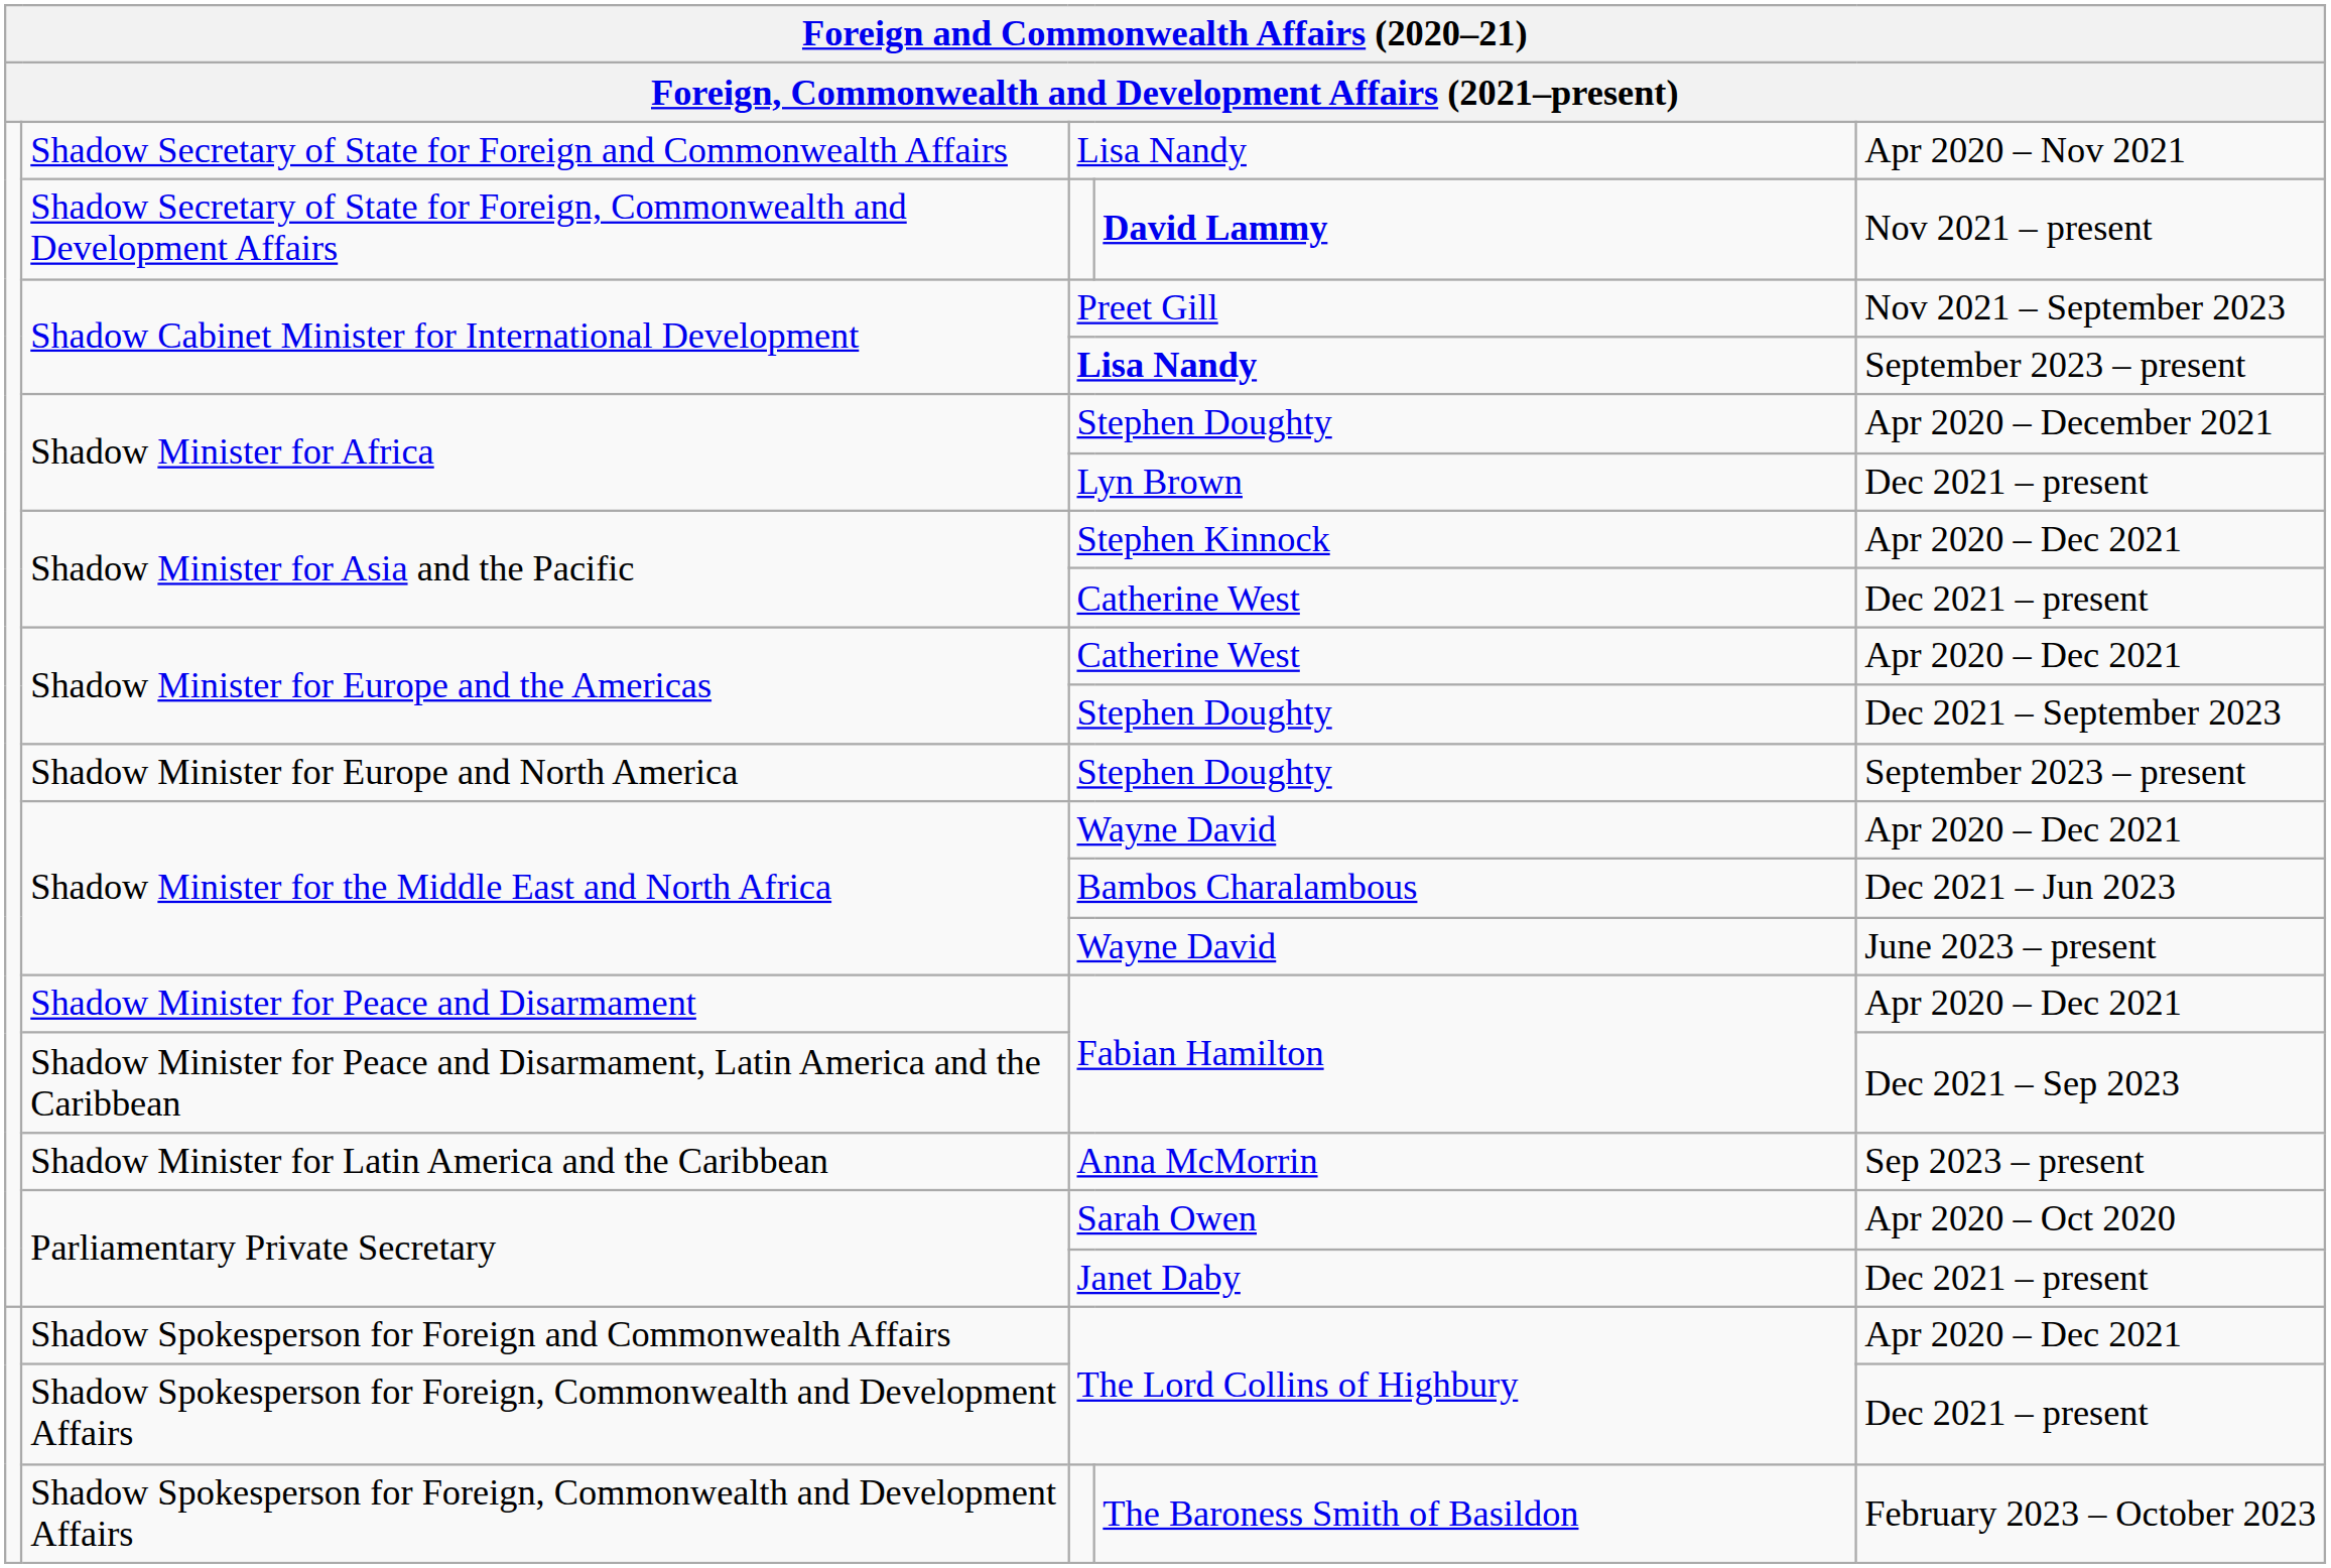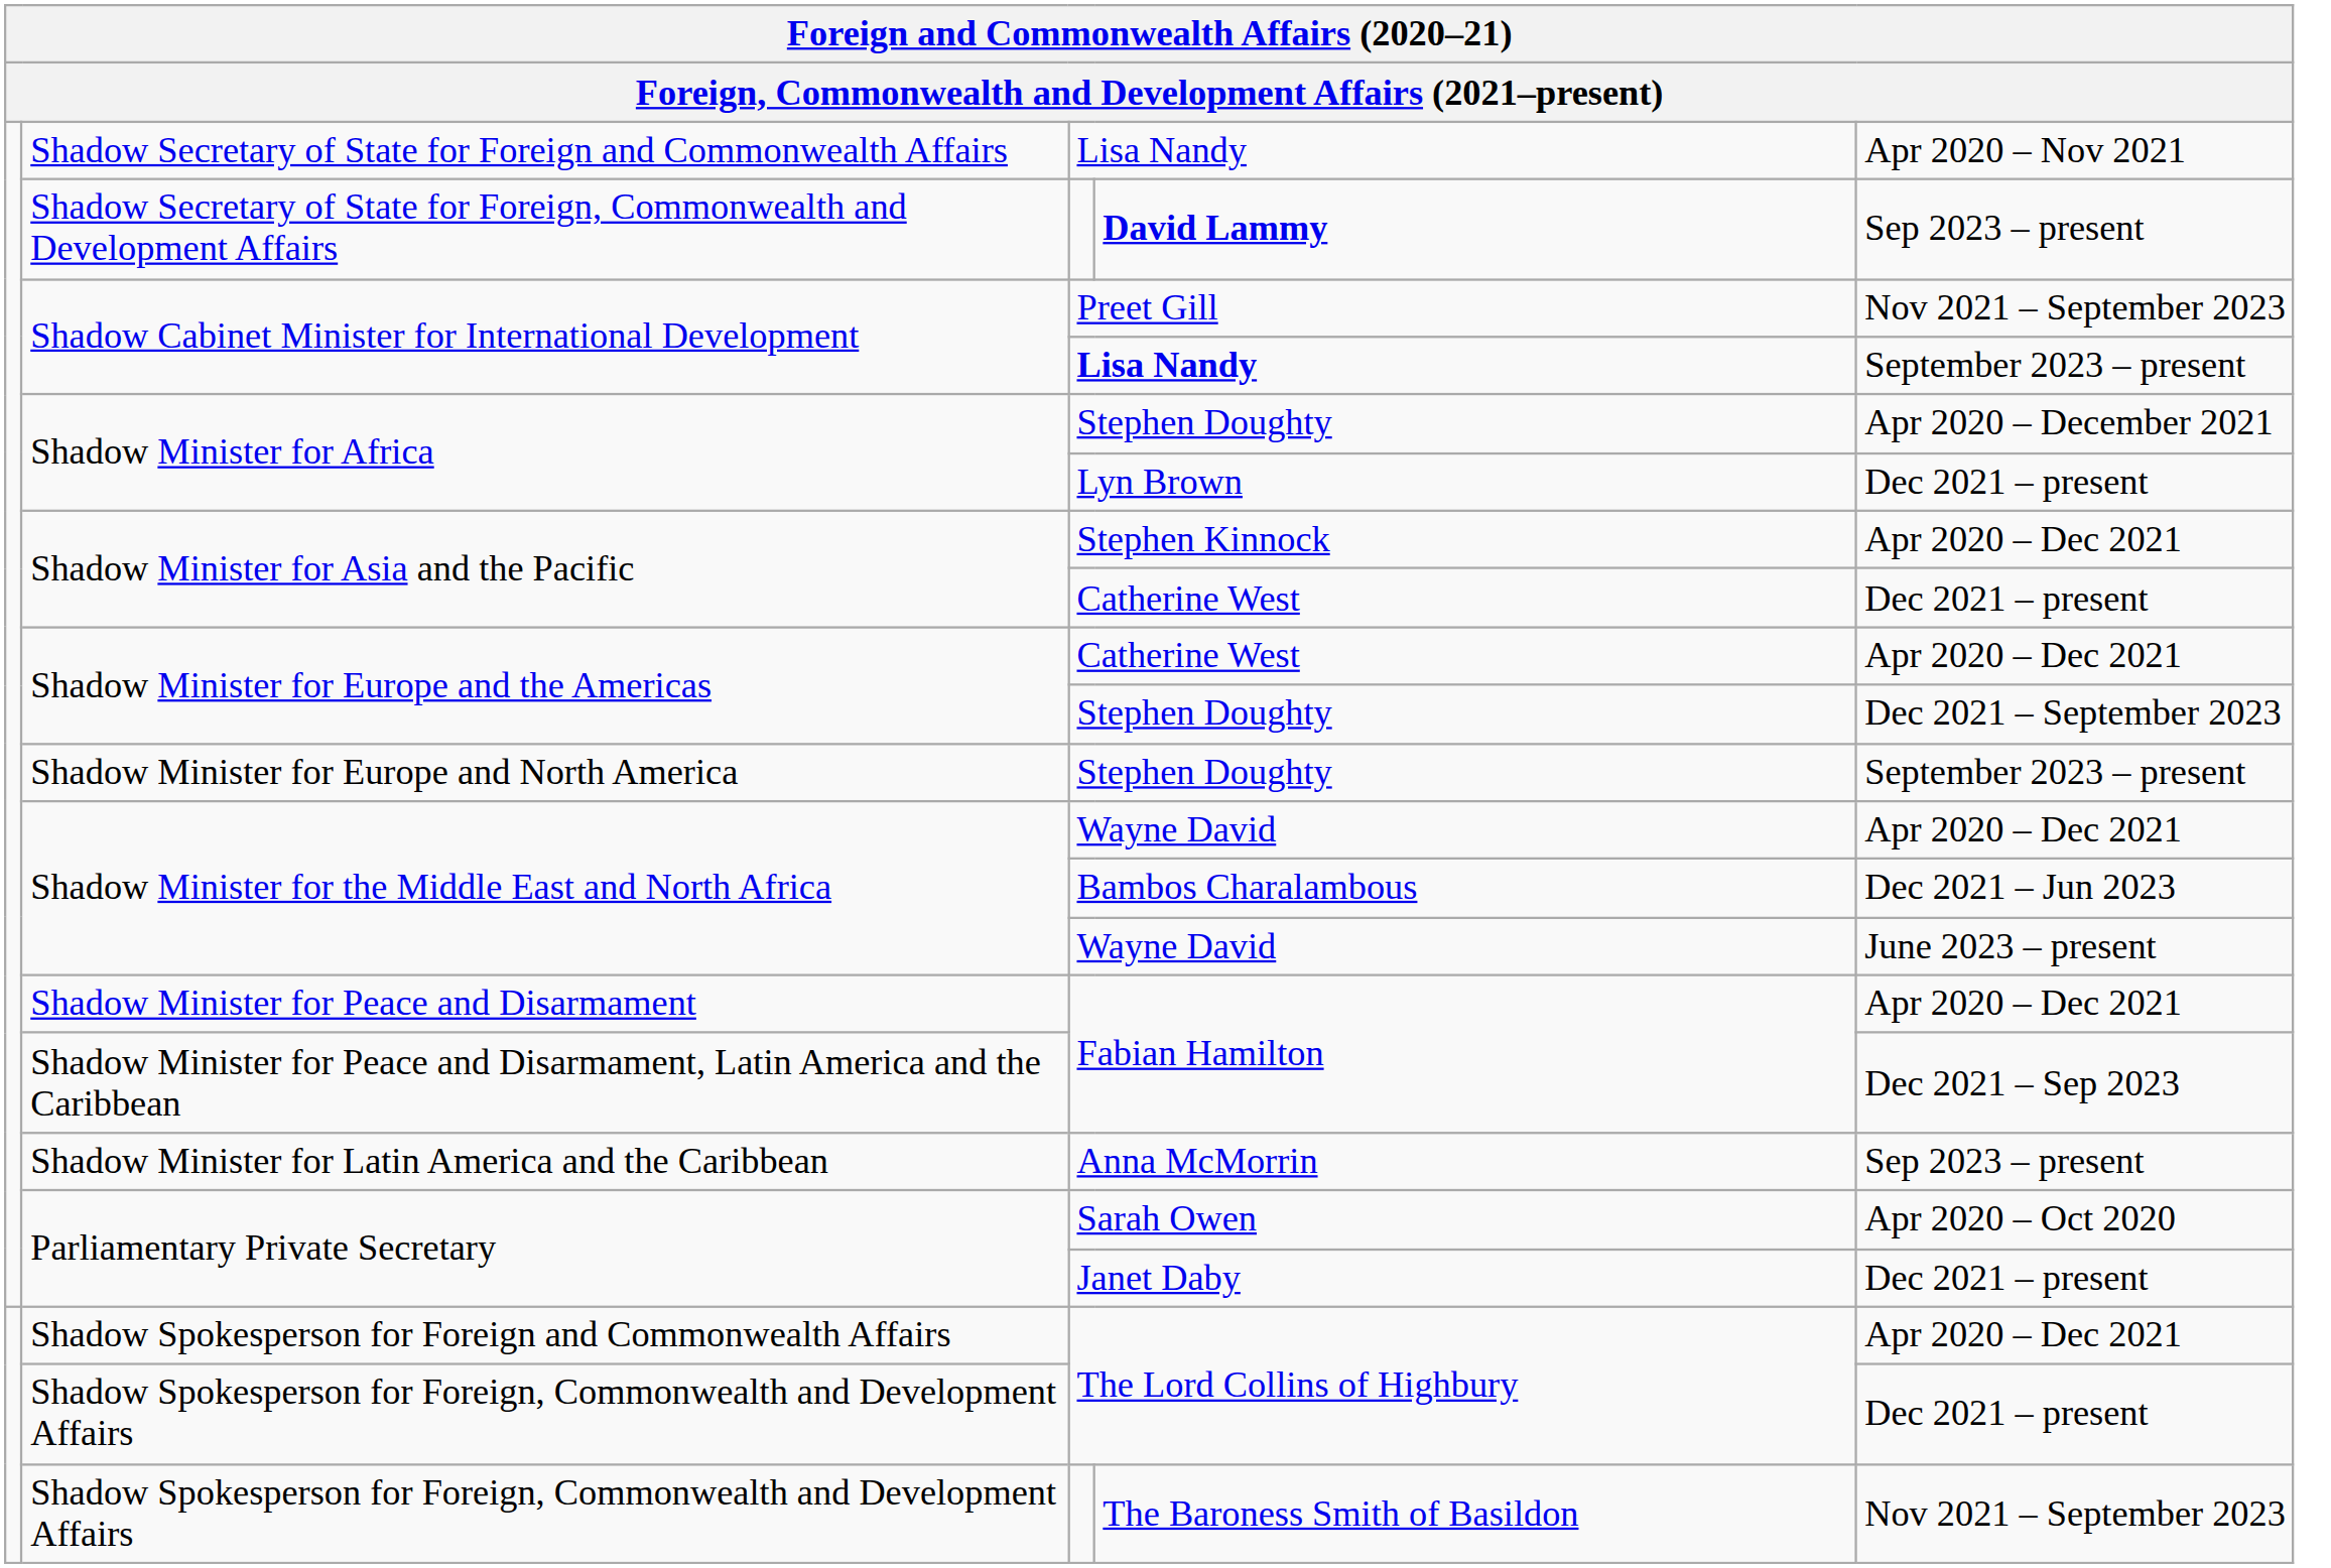 <table class="wikitable">
 <tr>
 <th colspan="5"><a href='#'>Foreign and Commonwealth Affairs</a> (2020–21)</th>
 </tr>
 <tr>
 <th colspan="5"><a href='#'>Foreign, Commonwealth and Development Affairs</a> (2021–present)</th>
 </tr>
 <tr>
 <td rowspan="19" style="background: "></td>
 <td style="width: 450px;"><a href='#'>Shadow Secretary of State for Foreign and Commonwealth Affairs</a></td>
 <td colspan="2" style="width: 337px;"><a href='#'>Lisa Nandy</a></td>
 <td>Apr 2020 – Nov 2021</td>
 </tr>
 <tr>
 <td><a href='#'>Shadow Secretary of State for Foreign, Commonwealth and Development Affairs</a></td>
 <td style="background: "></td>
 <td><strong><a href='#'>David Lammy</a></strong></td>
-<td>Nov 2021 – present</td>
+<td>Sep 2023 – present</td>
 </tr>
 <tr>
 <td rowspan="2"><a href='#'>Shadow Cabinet Minister for International Development</a></td>
 <td colspan="2"><a href='#'>Preet Gill</a></td>
 <td>Nov 2021 – September 2023</td>
 </tr>
 <tr>
 <td colspan="2"><strong><a href='#'>Lisa Nandy</a></strong></td>
 <td>September 2023 – present</td>
 </tr>
 <tr>
 <td rowspan="2">Shadow <a href='#'>Minister for Africa</a></td>
 <td colspan="2"><a href='#'>Stephen Doughty</a></td>
 <td>Apr 2020 – December 2021</td>
 </tr>
 <tr>
 <td colspan="2"><a href='#'>Lyn Brown</a></td>
 <td>Dec 2021 – present</td>
 </tr>
 <tr>
 <td rowspan="2">Shadow <a href='#'>Minister for Asia</a> and the Pacific</td>
 <td colspan="2"><a href='#'>Stephen Kinnock</a></td>
 <td>Apr 2020 – Dec 2021</td>
 </tr>
 <tr>
 <td colspan="2"><a href='#'>Catherine West</a></td>
 <td>Dec 2021 – present</td>
 </tr>
 <tr>
 <td rowspan="2">Shadow <a href='#'>Minister for Europe and the Americas</a></td>
 <td colspan="2"><a href='#'>Catherine West</a></td>
 <td>Apr 2020 – Dec 2021</td>
 </tr>
 <tr>
 <td colspan="2"><a href='#'>Stephen Doughty</a></td>
 <td>Dec 2021 – September 2023</td>
 </tr>
 <tr>
 <td>Shadow Minister for Europe and North America</td>
 <td colspan="2"><a href='#'>Stephen Doughty</a></td>
 <td>September 2023 – present</td>
 </tr>
 <tr>
 <td rowspan="3">Shadow <a href='#'>Minister for the Middle East and North Africa</a></td>
 <td colspan="2"><a href='#'>Wayne David</a></td>
 <td>Apr 2020 – Dec 2021</td>
 </tr>
 <tr>
 <td colspan="2"><a href='#'>Bambos Charalambous</a></td>
 <td>Dec 2021 – Jun 2023</td>
 </tr>
 <tr>
 <td colspan="2"><a href='#'>Wayne David</a></td>
 <td>June 2023 – present</td>
 </tr>
 <tr>
 <td><a href='#'>Shadow Minister for Peace and Disarmament</a></td>
 <td colspan="2" rowspan="2"><a href='#'>Fabian Hamilton</a></td>
 <td>Apr 2020 – Dec 2021</td>
 </tr>
 <tr>
 <td>Shadow Minister for Peace and Disarmament, Latin America and the Caribbean</td>
 <td>Dec 2021 – Sep 2023</td>
 </tr>
 <tr>
 <td>Shadow Minister for Latin America and the Caribbean</td>
 <td colspan="2"><a href='#'>Anna McMorrin</a></td>
 <td>Sep 2023 – present</td>
 </tr>
 <tr>
 <td rowspan="2">Parliamentary Private Secretary</td>
 <td colspan="2"><a href='#'>Sarah Owen</a></td>
 <td>Apr 2020 – Oct 2020</td>
 </tr>
 <tr>
 <td colspan="2"><a href='#'>Janet Daby</a></td>
 <td>Dec 2021 – present</td>
 </tr>
 <tr>
 <td rowspan="3" style="background: "></td>
 <td>Shadow Spokesperson for Foreign and Commonwealth Affairs</td>
 <td colspan="2" rowspan="2"><a href='#'>The Lord Collins of Highbury</a></td>
 <td>Apr 2020 – Dec 2021</td>
 </tr>
 <tr>
 <td>Shadow Spokesperson for Foreign, Commonwealth and Development Affairs</td>
 <td>Dec 2021 – present</td>
 </tr>
 <tr>
 <td>Shadow Spokesperson for Foreign, Commonwealth and Development Affairs</td>
 <td style="background: "></td>
 <td><a href='#'>The Baroness Smith of Basildon</a></td>
-<td>February 2023 – October 2023</td>
+<td>Nov 2021 – September 2023</td>
 </tr>
 </table>
